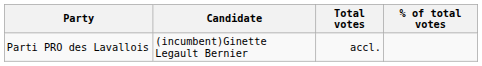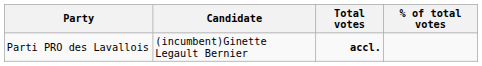 <table style="width:600px;" class="wikitable">
 <tr style="background-color:#E9E9E9">
 <th colspan="2" style="width: 200px">Party</th>
 <th colspan="1" style="width: 200px">Candidate</th>
 <th align="right">Total votes</th>
 <th align="right">% of total votes</th>
 </tr>
 <tr>
 <td colspan="2" align="left">Parti PRO des Lavallois</td>
 <td align="left">(incumbent)Ginette Legault Bernier</td>
-<td align="right">accl.</td>
+<td align="right"><strong>accl.</strong></td>
 <td align="right"></td>
 </tr>
 </table>
